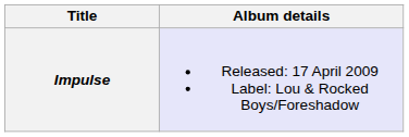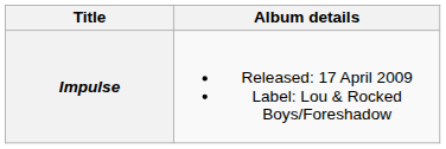 <table class="wikitable plainrowheaders" style="text-align:center;" border="1">
 <tr>
 <th scope="col" style="width:10em;">Title</th>
 <th scope="col" style="width:16em;">Album details</th>
 </tr>
 <tr>
 <th scope="row"><em>Impulse</em></th>
-<td style="background: lavender;"><br><ul><li>Released: 17 April 2009</li><li>Label: Lou & Rocked Boys/Foreshadow</li></ul></td>
+<td><br><ul><li>Released: 17 April 2009</li><li>Label: Lou & Rocked Boys/Foreshadow</li></ul></td>
 </tr>
 </table>
